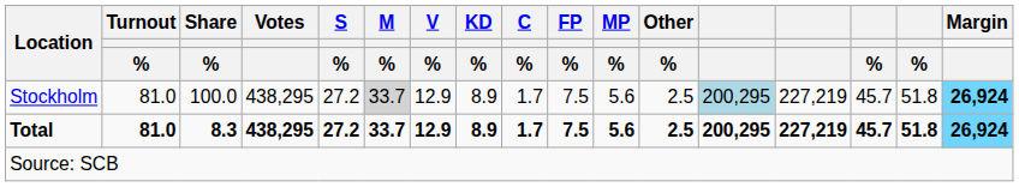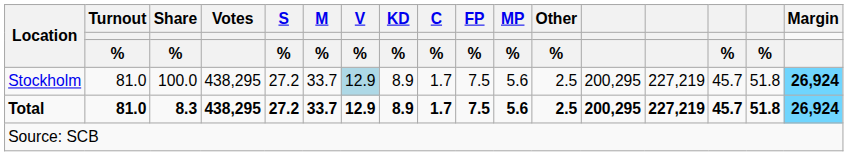 <table class="wikitable sortable" style="text-align:right; font-size:95%; line-height:20px;">
 <tr>
 <th rowspan="3">Location</th>
 <th>Turnout</th>
 <th>Share</th>
 <th>Votes</th>
 <th width="30px" class="unsortable"><a href='#'>S</a></th>
 <th width="30px" class="unsortable"><a href='#'>M</a></th>
 <th width="30px" class="unsortable"><a href='#'>V</a></th>
 <th width="30px" class="unsortable"><a href='#'>KD</a></th>
 <th width="30px" class="unsortable"><a href='#'>C</a></th>
 <th width="30px" class="unsortable"><a href='#'>FP</a></th>
 <th width="30px" class="unsortable"><a href='#'>MP</a></th>
 <th width="30px" class="unsortable">Other</th>
 <th></th>
 <th></th>
 <th></th>
 <th></th>
 <th>Margin</th>
 </tr>
 <tr>
 <th></th>
 <th></th>
 <th></th>
 <th style="background:"></th>
 <th style="background:"></th>
 <th style="background:"></th>
 <th style="background:"></th>
 <th style="background:"></th>
 <th style="background:"></th>
 <th style="background:"></th>
 <th style="background:"></th>
 <th style="background:"></th>
 <th style="background:"></th>
 <th style="background:"></th>
 <th style="background:"></th>
 </tr>
 <tr>
 <th data-sort-type="number">%</th>
 <th data-sort-type="number">%</th>
 <th></th>
 <th data-sort-type="number">%</th>
 <th data-sort-type="number">%</th>
 <th data-sort-type="number">%</th>
 <th data-sort-type="number">%</th>
 <th data-sort-type="number">%</th>
 <th data-sort-type="number">%</th>
 <th data-sort-type="number">%</th>
 <th data-sort-type="number">%</th>
 <th data-sort-type="number"></th>
 <th data-sort-type="number"></th>
 <th data-sort-type="number">%</th>
 <th data-sort-type="number">%</th>
 <th data-sort-type="number"></th>
 </tr>
 <tr>
 <td align=left><a href='#'>Stockholm</a></td>
 <td>81.0</td>
 <td>100.0</td>
 <td>438,295</td>
 <td>27.2</td>
-<td style="background: lightgrey;">33.7</td>
-<td>12.9</td>
+<td>33.7</td>
+<td style="background: lightblue;">12.9</td>
 <td>8.9</td>
 <td>1.7</td>
 <td>7.5</td>
 <td>5.6</td>
 <td>2.5</td>
-<td style="background: lightblue;">200,295</td>
+<td>200,295</td>
 <td>227,219</td>
 <td>45.7</td>
 <td>51.8</td>
 <td bgcolor=#6fd5fe><strong>26,924</strong></td>
 </tr>
 <tr>
 <td align=left><strong>Total</strong></td>
 <td><strong>81.0</strong></td>
 <td><strong>8.3</strong></td>
 <td><strong>438,295</strong></td>
 <td><strong>27.2</strong></td>
 <td><strong>33.7</strong></td>
 <td><strong>12.9</strong></td>
 <td><strong>8.9</strong></td>
 <td><strong>1.7</strong></td>
 <td><strong>7.5</strong></td>
 <td><strong>5.6</strong></td>
 <td><strong>2.5</strong></td>
 <td><strong>200,295</strong></td>
 <td><strong>227,219</strong></td>
 <td><strong>45.7</strong></td>
 <td><strong>51.8</strong></td>
 <td bgcolor=#6fd5fe><strong>26,924</strong></td>
 </tr>
 <tr>
 <td align=left colspan=17>Source: SCB </td>
 </tr>
 </table>
